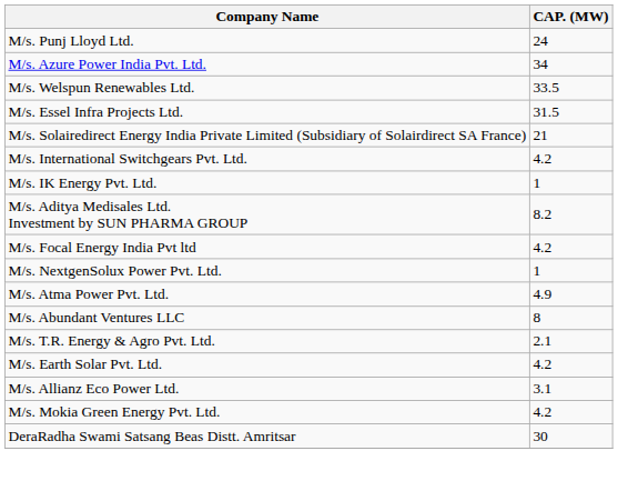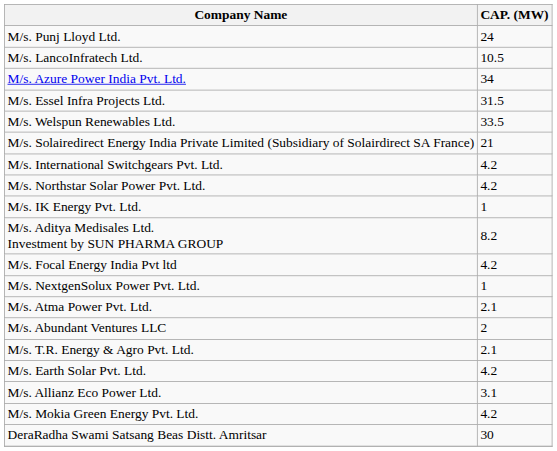 <table class="wikitable">
 <tr>
 <th>Company Name</th>
 <th>CAP. (MW)</th>
 </tr>
 <tr>
 <td>M/s. Punj Lloyd Ltd.</td>
 <td>24</td>
 </tr>
 <tr>
+<td>M/s. LancoInfratech Ltd.</td>
+<td>10.5</td>
+</tr>
+<tr>
 <td><a href='#'>M/s. Azure Power India Pvt. Ltd.</a></td>
 <td>34</td>
 </tr>
 <tr>
+<td>M/s. Essel Infra Projects Ltd.</td>
+<td>31.5</td>
+</tr>
+<tr>
 <td>M/s. Welspun Renewables Ltd.</td>
 <td>33.5</td>
-</tr>
-<tr>
-<td>M/s. Essel Infra Projects Ltd.</td>
-<td>31.5</td>
 </tr>
 <tr>
 <td>M/s. Solairedirect Energy India Private Limited (Subsidiary of Solairdirect SA France)</td>
 <td>21</td>
 </tr>
 <tr>
 <td>M/s. International Switchgears Pvt. Ltd.</td>
+<td>4.2</td>
+</tr>
+<tr>
+<td>M/s. Northstar Solar Power Pvt. Ltd.</td>
 <td>4.2</td>
 </tr>
 <tr>
 <td>M/s. IK Energy Pvt. Ltd.</td>
 <td>1</td>
 </tr>
 <tr>
 <td>M/s. Aditya Medisales Ltd.<br>Investment by  SUN PHARMA GROUP</td>
 <td>8.2</td>
 </tr>
 <tr>
 <td>M/s. Focal Energy India Pvt ltd</td>
 <td>4.2</td>
 </tr>
 <tr>
 <td>M/s. NextgenSolux Power Pvt. Ltd.</td>
 <td>1</td>
 </tr>
 <tr>
 <td>M/s. Atma Power Pvt. Ltd.</td>
-<td>4.9</td>
+<td>2.1</td>
 </tr>
 <tr>
 <td>M/s. Abundant Ventures LLC</td>
-<td>8</td>
+<td>2</td>
 </tr>
 <tr>
 <td>M/s. T.R. Energy & Agro Pvt. Ltd.</td>
 <td>2.1</td>
 </tr>
 <tr>
 <td>M/s. Earth Solar Pvt. Ltd.</td>
 <td>4.2</td>
 </tr>
 <tr>
 <td>M/s. Allianz Eco Power Ltd.</td>
 <td>3.1</td>
 </tr>
 <tr>
 <td>M/s. Mokia Green Energy Pvt. Ltd.</td>
 <td>4.2</td>
 </tr>
 <tr>
 <td>DeraRadha Swami Satsang Beas Distt. Amritsar</td>
 <td>30</td>
 </tr>
 <tr>
 </tr>
 </table>
